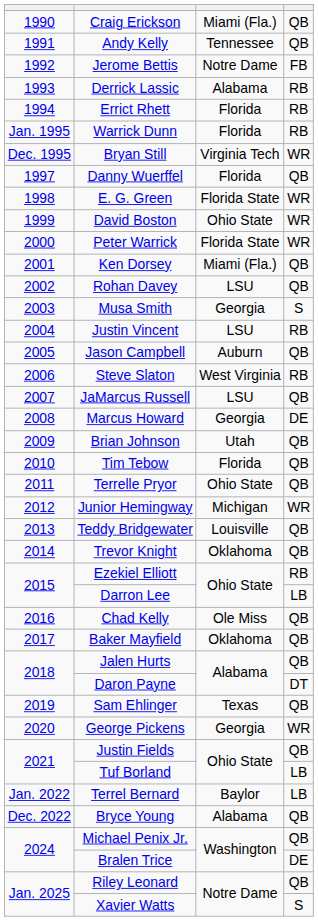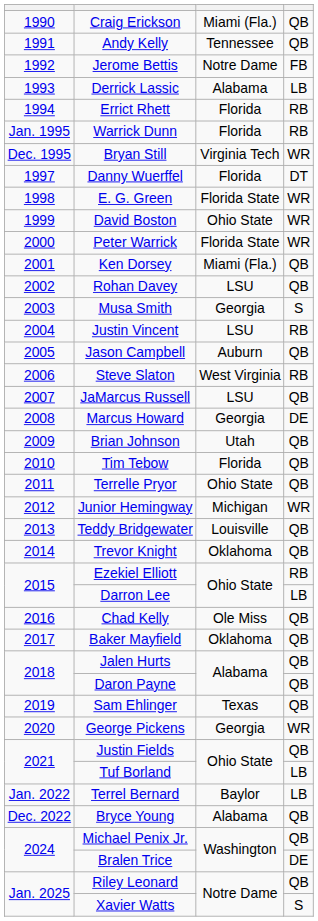 <table class = "wikitable" style="text-align:center">
 <tr>
 <th></th>
 <th></th>
 <th></th>
 <th></th>
 </tr>
 <tr>
 <td><a href='#'>1990</a></td>
 <td><a href='#'>Craig Erickson</a></td>
 <td>Miami (Fla.)</td>
 <td>QB</td>
 </tr>
 <tr>
 <td><a href='#'>1991</a></td>
 <td><a href='#'>Andy Kelly</a></td>
 <td>Tennessee</td>
 <td>QB</td>
 </tr>
 <tr>
 <td><a href='#'>1992</a></td>
 <td><a href='#'>Jerome Bettis</a></td>
 <td>Notre Dame</td>
 <td>FB</td>
 </tr>
 <tr>
 <td><a href='#'>1993</a></td>
 <td><a href='#'>Derrick Lassic</a></td>
 <td>Alabama</td>
-<td>RB</td>
+<td>LB</td>
 </tr>
 <tr>
 <td><a href='#'>1994</a></td>
 <td><a href='#'>Errict Rhett</a></td>
 <td>Florida</td>
 <td>RB</td>
 </tr>
 <tr>
 <td><a href='#'>Jan. 1995</a></td>
 <td><a href='#'>Warrick Dunn</a></td>
 <td>Florida</td>
 <td>RB</td>
 </tr>
 <tr>
 <td><a href='#'>Dec. 1995</a></td>
 <td><a href='#'>Bryan Still</a></td>
 <td>Virginia Tech</td>
 <td>WR</td>
 </tr>
 <tr>
 <td><a href='#'>1997</a></td>
 <td><a href='#'>Danny Wuerffel</a></td>
 <td>Florida</td>
-<td>QB</td>
+<td>DT</td>
 </tr>
 <tr>
 <td><a href='#'>1998</a></td>
 <td><a href='#'>E. G. Green</a></td>
 <td>Florida State</td>
 <td>WR</td>
 </tr>
 <tr>
 <td><a href='#'>1999</a></td>
 <td><a href='#'>David Boston</a></td>
 <td>Ohio State</td>
 <td>WR</td>
 </tr>
 <tr>
 <td><a href='#'>2000</a></td>
 <td><a href='#'>Peter Warrick</a></td>
 <td>Florida State</td>
 <td>WR</td>
 </tr>
 <tr>
 <td><a href='#'>2001</a></td>
 <td><a href='#'>Ken Dorsey</a></td>
 <td>Miami (Fla.)</td>
 <td>QB</td>
 </tr>
 <tr>
 <td><a href='#'>2002</a></td>
 <td><a href='#'>Rohan Davey</a></td>
 <td>LSU</td>
 <td>QB</td>
 </tr>
 <tr>
 <td><a href='#'>2003</a></td>
 <td><a href='#'>Musa Smith</a></td>
 <td>Georgia</td>
 <td>S</td>
 </tr>
 <tr>
 <td><a href='#'>2004</a></td>
 <td><a href='#'>Justin Vincent</a></td>
 <td>LSU</td>
 <td>RB</td>
 </tr>
 <tr>
 <td><a href='#'>2005</a></td>
 <td><a href='#'>Jason Campbell</a></td>
 <td>Auburn</td>
 <td>QB</td>
 </tr>
 <tr>
 <td><a href='#'>2006</a></td>
 <td><a href='#'>Steve Slaton</a></td>
 <td>West Virginia</td>
 <td>RB</td>
 </tr>
 <tr>
 <td><a href='#'>2007</a></td>
 <td><a href='#'>JaMarcus Russell</a></td>
 <td>LSU</td>
 <td>QB</td>
 </tr>
 <tr>
 <td><a href='#'>2008</a></td>
 <td><a href='#'>Marcus Howard</a></td>
 <td>Georgia</td>
 <td>DE</td>
 </tr>
 <tr>
 <td><a href='#'>2009</a></td>
 <td><a href='#'>Brian Johnson</a></td>
 <td>Utah</td>
 <td>QB</td>
 </tr>
 <tr>
 <td><a href='#'>2010</a></td>
 <td><a href='#'>Tim Tebow</a></td>
 <td>Florida</td>
 <td>QB</td>
 </tr>
 <tr>
 <td><a href='#'>2011</a></td>
 <td><a href='#'>Terrelle Pryor</a></td>
 <td>Ohio State</td>
 <td>QB</td>
 </tr>
 <tr>
 <td><a href='#'>2012</a></td>
 <td><a href='#'>Junior Hemingway</a></td>
 <td>Michigan</td>
 <td>WR</td>
 </tr>
 <tr>
 <td><a href='#'>2013</a></td>
 <td><a href='#'>Teddy Bridgewater</a></td>
 <td>Louisville</td>
 <td>QB</td>
 </tr>
 <tr>
 <td><a href='#'>2014</a></td>
 <td><a href='#'>Trevor Knight</a></td>
 <td>Oklahoma</td>
 <td>QB</td>
 </tr>
 <tr>
 <td rowspan=2><a href='#'>2015</a></td>
 <td><a href='#'>Ezekiel Elliott</a></td>
 <td rowspan=2>Ohio State</td>
 <td>RB</td>
 </tr>
 <tr>
 <td><a href='#'>Darron Lee</a></td>
 <td>LB</td>
 </tr>
 <tr>
 <td><a href='#'>2016</a></td>
 <td><a href='#'>Chad Kelly</a></td>
 <td>Ole Miss</td>
 <td>QB</td>
 </tr>
 <tr>
 <td><a href='#'>2017</a></td>
 <td><a href='#'>Baker Mayfield</a></td>
 <td>Oklahoma</td>
 <td>QB</td>
 </tr>
 <tr>
 <td rowspan=2><a href='#'>2018</a></td>
 <td><a href='#'>Jalen Hurts</a></td>
 <td rowspan=2>Alabama</td>
 <td>QB</td>
 </tr>
 <tr>
 <td><a href='#'>Daron Payne</a></td>
-<td>DT</td>
+<td>QB</td>
 </tr>
 <tr>
 <td><a href='#'>2019</a></td>
 <td><a href='#'>Sam Ehlinger</a></td>
 <td>Texas</td>
 <td>QB</td>
 </tr>
 <tr>
 <td><a href='#'>2020</a></td>
 <td><a href='#'>George Pickens</a></td>
 <td>Georgia</td>
 <td>WR</td>
 </tr>
 <tr>
 <td rowspan=2><a href='#'>2021</a></td>
 <td><a href='#'>Justin Fields</a></td>
 <td rowspan=2>Ohio State</td>
 <td>QB</td>
 </tr>
 <tr>
 <td><a href='#'>Tuf Borland</a></td>
 <td>LB</td>
 </tr>
 <tr>
 <td><a href='#'>Jan. 2022</a></td>
 <td><a href='#'>Terrel Bernard</a></td>
 <td>Baylor</td>
 <td>LB</td>
 </tr>
 <tr>
 <td><a href='#'>Dec. 2022</a></td>
 <td><a href='#'>Bryce Young</a></td>
 <td>Alabama</td>
 <td>QB</td>
 </tr>
 <tr>
 <td rowspan=2><a href='#'>2024</a></td>
 <td><a href='#'>Michael Penix Jr.</a></td>
 <td rowspan=2>Washington</td>
 <td>QB</td>
 </tr>
 <tr>
 <td><a href='#'>Bralen Trice</a></td>
 <td>DE</td>
 </tr>
 <tr>
 <td rowspan=2><a href='#'>Jan. 2025</a></td>
 <td><a href='#'>Riley Leonard</a></td>
 <td rowspan=2>Notre Dame</td>
 <td>QB</td>
 </tr>
 <tr>
 <td><a href='#'>Xavier Watts</a></td>
 <td>S</td>
 </tr>
 </table>
